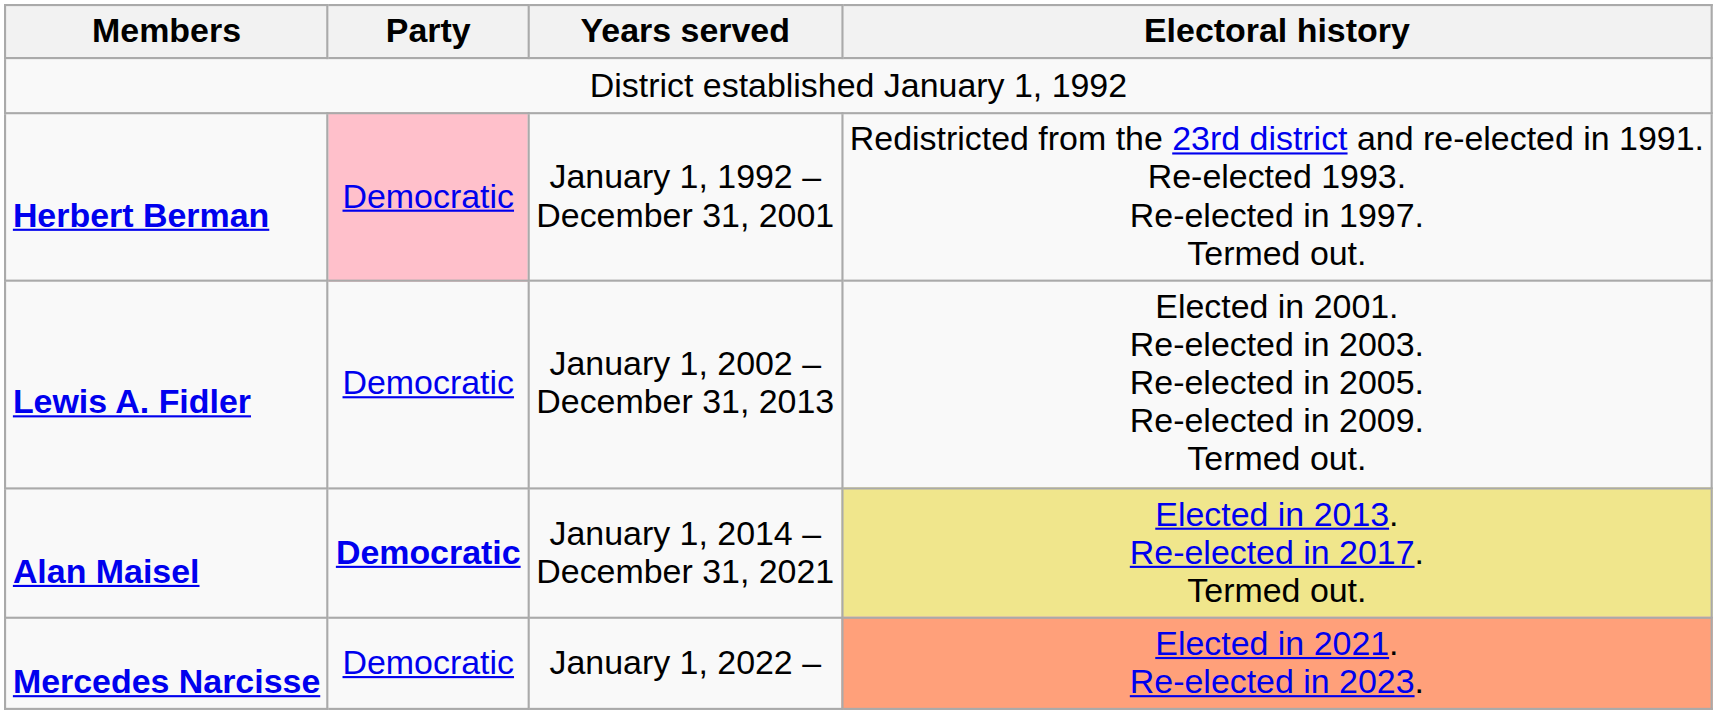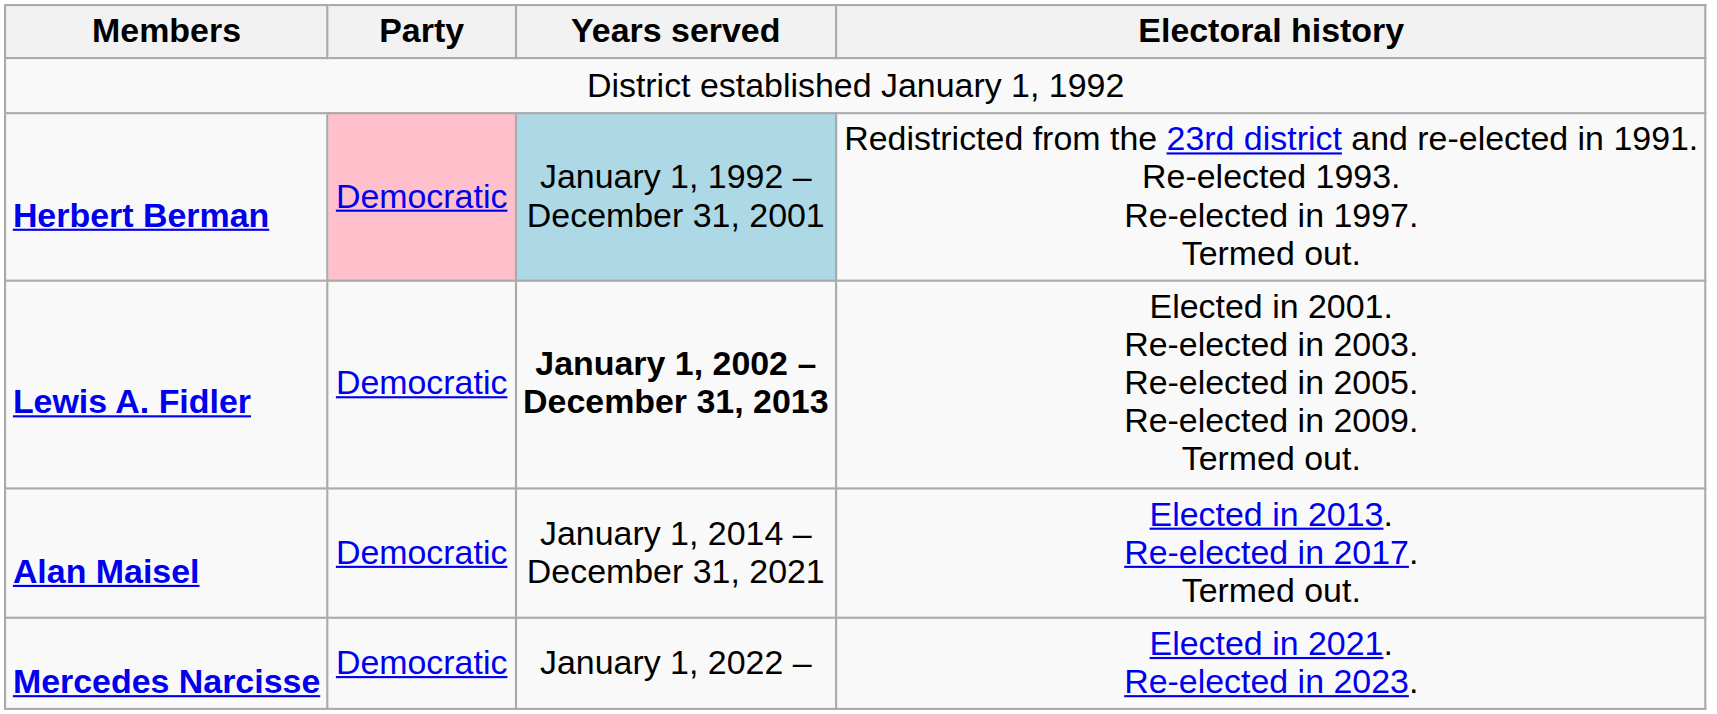 <table class=wikitable style="text-align:center">
 <tr>
 <th>Members</th>
 <th>Party</th>
 <th>Years served</th>
 <th>Electoral history</th>
 </tr>
 <tr>
 <td colspan=5>District established January 1, 1992</td>
 </tr>
 <tr>
 <td align=left><br> <strong><a href='#'>Herbert Berman</a></strong><br></td>
 <td style="background: pink;"><a href='#'>Democratic</a></td>
-<td>January 1, 1992 – <br> December 31, 2001</td>
+<td style="background: lightblue;">January 1, 1992 – <br> December 31, 2001</td>
 <td>Redistricted from the <a href='#'>23rd district</a> and re-elected in 1991. <br> Re-elected 1993. <br> Re-elected in 1997. <br> Termed out.</td>
 </tr>
 <tr>
 <td align=left> <br> <strong><a href='#'>Lewis A. Fidler</a></strong><br></td>
 <td><a href='#'>Democratic</a></td>
-<td>January 1, 2002 – <br> December 31, 2013</td>
+<td><strong>January 1, 2002 – <br> December 31, 2013</strong></td>
 <td>Elected in 2001. <br> Re-elected in 2003. <br> Re-elected in 2005. <br> Re-elected in 2009. <br> Termed out.</td>
 </tr>
 <tr>
 <td align=left> <br> <strong><a href='#'>Alan Maisel</a></strong><br></td>
-<td><strong><a href='#'>Democratic</a></strong></td>
+<td><a href='#'>Democratic</a></td>
 <td>January 1, 2014 – <br> December 31, 2021</td>
-<td style="background: khaki;"><a href='#'>Elected in 2013</a>. <br> <a href='#'>Re-elected in 2017</a>. <br> Termed out.</td>
+<td><a href='#'>Elected in 2013</a>. <br> <a href='#'>Re-elected in 2017</a>. <br> Termed out.</td>
 </tr>
 <tr>
 <td align=left> <br> <strong><a href='#'>Mercedes Narcisse</a></strong><br></td>
 <td><a href='#'>Democratic</a></td>
 <td>January 1, 2022 – <br></td>
-<td style="background: lightsalmon;"><a href='#'>Elected in 2021</a>. <br> <a href='#'>Re-elected in 2023</a>.</td>
+<td><a href='#'>Elected in 2021</a>. <br> <a href='#'>Re-elected in 2023</a>.</td>
 </tr>
 </table>
